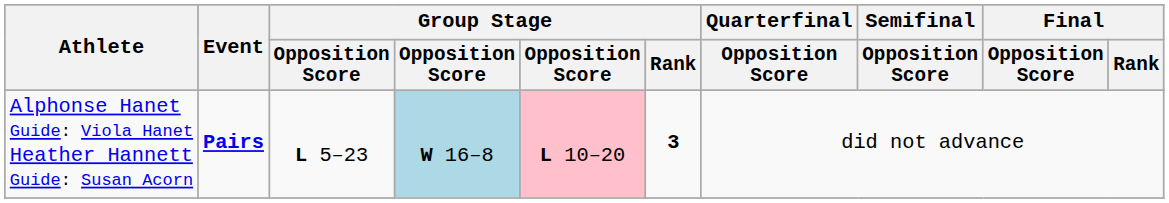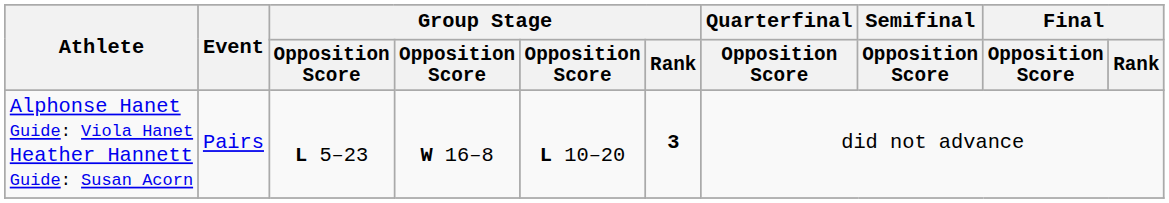 <table class="wikitable" style="font-size:90%">
 <tr>
 <th rowspan=2>Athlete</th>
 <th rowspan=2>Event</th>
 <th colspan=4>Group Stage</th>
 <th>Quarterfinal</th>
 <th>Semifinal</th>
 <th colspan=2>Final</th>
 </tr>
 <tr style="font-size:95%">
 <th>Opposition<br>Score</th>
 <th>Opposition<br>Score</th>
 <th>Opposition<br>Score</th>
 <th>Rank</th>
 <th>Opposition<br>Score</th>
 <th>Opposition<br>Score</th>
 <th>Opposition<br>Score</th>
 <th>Rank</th>
 </tr>
 <tr align=center>
 <td align=left><a href='#'>Alphonse Hanet</a><br><small><a href='#'>Guide</a>: <a href='#'>Viola Hanet</a></small><br><a href='#'>Heather Hannett</a><br><small><a href='#'>Guide</a>: <a href='#'>Susan Acorn</a></small></td>
-<td align=left><strong><a href='#'>Pairs</a></strong></td>
+<td align=left><a href='#'>Pairs</a></td>
 <td><br><strong>L</strong> 5–23</td>
-<td style="background: lightblue;"><br><strong>W</strong> 16–8</td>
-<td style="background: pink;"><br><strong>L</strong> 10–20</td>
+<td><br><strong>W</strong> 16–8</td>
+<td><br><strong>L</strong> 10–20</td>
 <td><strong>3</strong></td>
 <td colspan="4">did not advance</td>
 </tr>
 </table>
